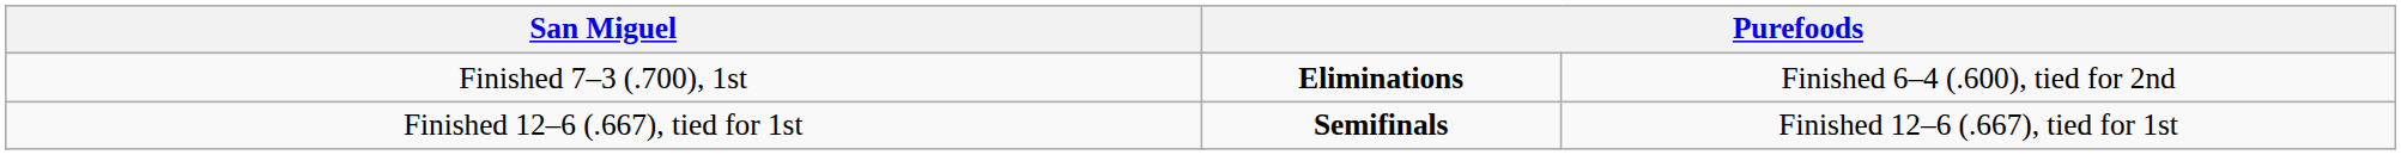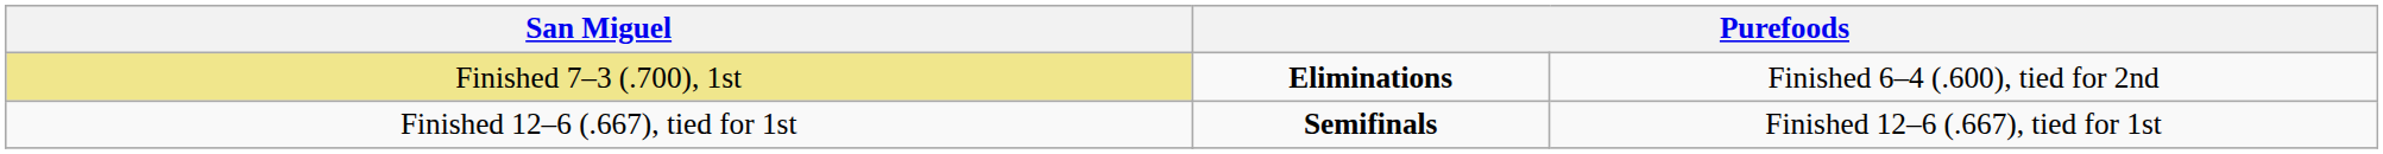 <table class="wikitable" style="width:100%;">
 <tr align=center>
 <th colspan="2" style="width:45%;"><a href='#'>San Miguel</a></th>
 <th colspan="2" style="width:45%;"><a href='#'>Purefoods</a></th>
 </tr>
 <tr align=center>
-<td>Finished 7–3 (.700), 1st</td>
+<td style="background: khaki;">Finished 7–3 (.700), 1st</td>
 <td colspan=2><strong>Eliminations</strong></td>
 <td>Finished 6–4 (.600), tied for 2nd</td>
 </tr>
 <tr align=center>
 <td>Finished 12–6 (.667), tied for 1st</td>
 <td colspan=2><strong>Semifinals</strong></td>
 <td>Finished 12–6 (.667), tied for 1st</td>
 </tr>
 </table>
